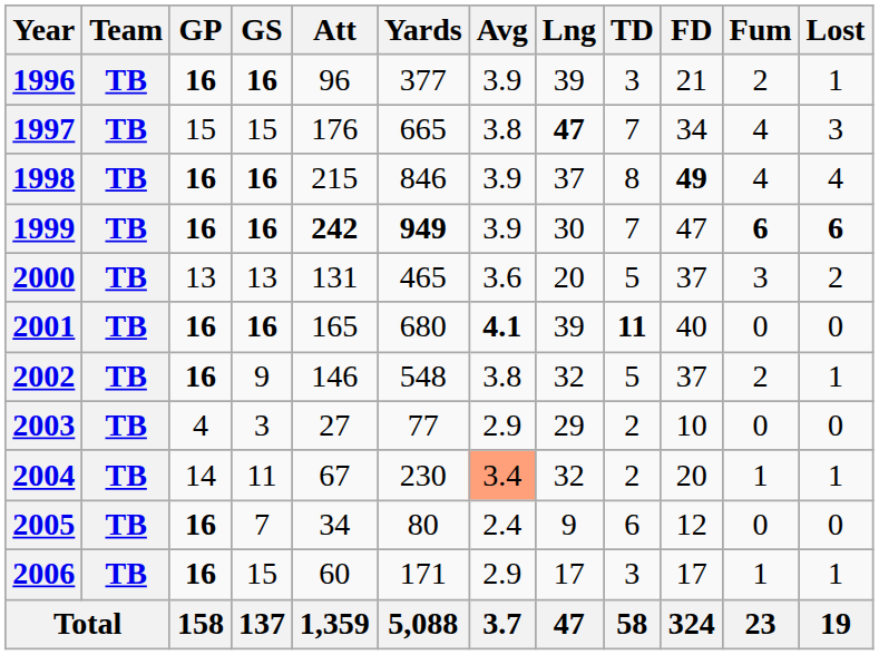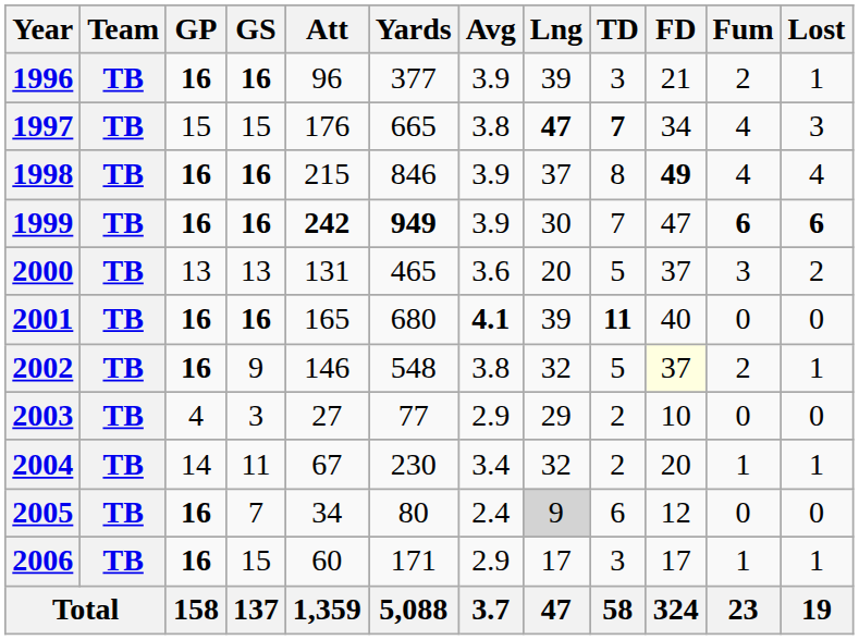 <table class="wikitable" style="text-align:center;">
 <tr>
 <th>Year</th>
 <th>Team</th>
 <th>GP</th>
 <th>GS</th>
 <th>Att</th>
 <th>Yards</th>
 <th>Avg</th>
 <th>Lng</th>
 <th>TD</th>
 <th>FD</th>
 <th>Fum</th>
 <th>Lost</th>
 </tr>
 <tr>
 <th><a href='#'>1996</a></th>
 <th><a href='#'>TB</a></th>
 <td><strong>16</strong></td>
 <td><strong>16</strong></td>
 <td>96</td>
 <td>377</td>
 <td>3.9</td>
 <td>39</td>
 <td>3</td>
 <td>21</td>
 <td>2</td>
 <td>1</td>
 </tr>
 <tr>
 <th><a href='#'>1997</a></th>
 <th><a href='#'>TB</a></th>
 <td>15</td>
 <td>15</td>
 <td>176</td>
 <td>665</td>
 <td>3.8</td>
 <td><strong>47</strong></td>
-<td>7</td>
+<td><strong>7</strong></td>
 <td>34</td>
 <td>4</td>
 <td>3</td>
 </tr>
 <tr>
 <th><a href='#'>1998</a></th>
 <th><a href='#'>TB</a></th>
 <td><strong>16</strong></td>
 <td><strong>16</strong></td>
 <td>215</td>
 <td>846</td>
 <td>3.9</td>
 <td>37</td>
 <td>8</td>
 <td><strong>49</strong></td>
 <td>4</td>
 <td>4</td>
 </tr>
 <tr>
 <th><a href='#'>1999</a></th>
 <th><a href='#'>TB</a></th>
 <td><strong>16</strong></td>
 <td><strong>16</strong></td>
 <td><strong>242</strong></td>
 <td><strong>949</strong></td>
 <td>3.9</td>
 <td>30</td>
 <td>7</td>
 <td>47</td>
 <td><strong>6</strong></td>
 <td><strong>6</strong></td>
 </tr>
 <tr>
 <th><a href='#'>2000</a></th>
 <th><a href='#'>TB</a></th>
 <td>13</td>
 <td>13</td>
 <td>131</td>
 <td>465</td>
 <td>3.6</td>
 <td>20</td>
 <td>5</td>
 <td>37</td>
 <td>3</td>
 <td>2</td>
 </tr>
 <tr>
 <th><a href='#'>2001</a></th>
 <th><a href='#'>TB</a></th>
 <td><strong>16</strong></td>
 <td><strong>16</strong></td>
 <td>165</td>
 <td>680</td>
 <td><strong>4.1</strong></td>
 <td>39</td>
 <td><strong>11</strong></td>
 <td>40</td>
 <td>0</td>
 <td>0</td>
 </tr>
 <tr>
 <th><a href='#'>2002</a></th>
 <th><a href='#'>TB</a></th>
 <td><strong>16</strong></td>
 <td>9</td>
 <td>146</td>
 <td>548</td>
 <td>3.8</td>
 <td>32</td>
 <td>5</td>
-<td>37</td>
+<td style="background: lightyellow;">37</td>
 <td>2</td>
 <td>1</td>
 </tr>
 <tr>
 <th><a href='#'>2003</a></th>
 <th><a href='#'>TB</a></th>
 <td>4</td>
 <td>3</td>
 <td>27</td>
 <td>77</td>
 <td>2.9</td>
 <td>29</td>
 <td>2</td>
 <td>10</td>
 <td>0</td>
 <td>0</td>
 </tr>
 <tr>
 <th><a href='#'>2004</a></th>
 <th><a href='#'>TB</a></th>
 <td>14</td>
 <td>11</td>
 <td>67</td>
 <td>230</td>
-<td style="background: lightsalmon;">3.4</td>
+<td>3.4</td>
 <td>32</td>
 <td>2</td>
 <td>20</td>
 <td>1</td>
 <td>1</td>
 </tr>
 <tr>
 <th><a href='#'>2005</a></th>
 <th><a href='#'>TB</a></th>
 <td><strong>16</strong></td>
 <td>7</td>
 <td>34</td>
 <td>80</td>
 <td>2.4</td>
-<td>9</td>
+<td style="background: lightgrey;">9</td>
 <td>6</td>
 <td>12</td>
 <td>0</td>
 <td>0</td>
 </tr>
 <tr>
 <th><a href='#'>2006</a></th>
 <th><a href='#'>TB</a></th>
 <td><strong>16</strong></td>
 <td>15</td>
 <td>60</td>
 <td>171</td>
 <td>2.9</td>
 <td>17</td>
 <td>3</td>
 <td>17</td>
 <td>1</td>
 <td>1</td>
 </tr>
 <tr>
 <th colspan="2">Total</th>
 <th>158</th>
 <th>137</th>
 <th>1,359</th>
 <th>5,088</th>
 <th>3.7</th>
 <th>47</th>
 <th>58</th>
 <th>324</th>
 <th>23</th>
 <th>19</th>
 </tr>
 </table>
